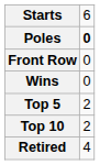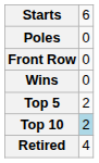 <table class="wikitable" style="text-align:center">
 <tr>
 <th>Starts</th>
 <td>6</td>
 </tr>
 <tr>
 <th>Poles</th>
-<td><strong>0</strong></td>
+<td>0</td>
 </tr>
 <tr>
 <th>Front Row</th>
 <td>0</td>
 </tr>
 <tr>
 <th>Wins</th>
 <td>0</td>
 </tr>
 <tr>
 <th>Top 5</th>
 <td>2</td>
 </tr>
 <tr>
 <th>Top 10</th>
-<td>2</td>
+<td style="background: lightblue;">2</td>
 </tr>
 <tr>
 <th>Retired</th>
 <td>4</td>
 </tr>
 </table>
